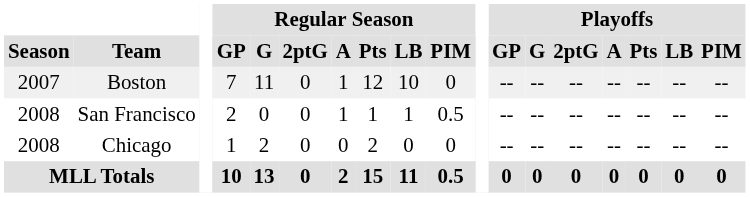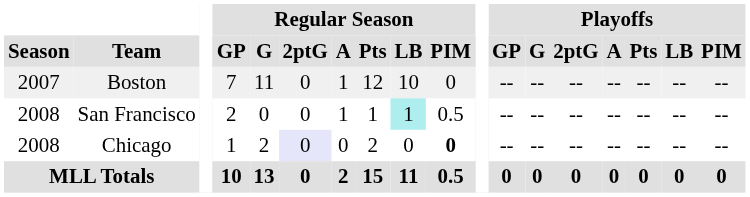 <table BORDER="0" CELLPADDING="3" CELLSPACING="0">
 <tr ALIGN="center" bgcolor="#e0e0e0">
 <th colspan="2" bgcolor="#ffffff"> </th>
 <th rowspan="99" bgcolor="#ffffff"> </th>
 <th colspan="7">Regular Season</th>
 <th rowspan="99" bgcolor="#ffffff"> </th>
 <th colspan="7">Playoffs</th>
 </tr>
 <tr ALIGN="center" bgcolor="#e0e0e0">
 <th>Season</th>
 <th>Team</th>
 <th>GP</th>
 <th>G</th>
 <th>2ptG</th>
 <th>A</th>
 <th>Pts</th>
 <th>LB</th>
 <th>PIM</th>
 <th>GP</th>
 <th>G</th>
 <th>2ptG</th>
 <th>A</th>
 <th>Pts</th>
 <th>LB</th>
 <th>PIM</th>
 </tr>
 <tr ALIGN="center" bgcolor="#f0f0f0">
 <td>2007</td>
 <td>Boston</td>
 <td>7</td>
 <td>11</td>
 <td>0</td>
 <td>1</td>
 <td>12</td>
 <td>10</td>
 <td>0</td>
 <td>--</td>
 <td>--</td>
 <td>--</td>
 <td>--</td>
 <td>--</td>
 <td>--</td>
 <td>--</td>
 </tr>
 <tr ALIGN="center">
 <td>2008</td>
 <td>San Francisco</td>
 <td>2</td>
 <td>0</td>
 <td>0</td>
 <td>1</td>
 <td>1</td>
-<td>1</td>
+<td style="background: paleturquoise;">1</td>
 <td>0.5</td>
 <td>--</td>
 <td>--</td>
 <td>--</td>
 <td>--</td>
 <td>--</td>
 <td>--</td>
 <td>--</td>
 </tr>
 <tr ALIGN="center">
 <td>2008</td>
 <td>Chicago</td>
 <td>1</td>
 <td>2</td>
-<td>0</td>
+<td style="background: lavender;">0</td>
 <td>0</td>
 <td>2</td>
 <td>0</td>
-<td>0</td>
+<td><strong>0</strong></td>
 <td>--</td>
 <td>--</td>
 <td>--</td>
 <td>--</td>
 <td>--</td>
 <td>--</td>
 <td>--</td>
 </tr>
 <tr ALIGN="center" bgcolor="#e0e0e0">
 <th colspan="2">MLL Totals</th>
 <th>10</th>
 <th>13</th>
 <th>0</th>
 <th>2</th>
 <th>15</th>
 <th>11</th>
 <th>0.5</th>
 <th>0</th>
 <th>0</th>
 <th>0</th>
 <th>0</th>
 <th>0</th>
 <th>0</th>
 <th>0</th>
 </tr>
 </table>
